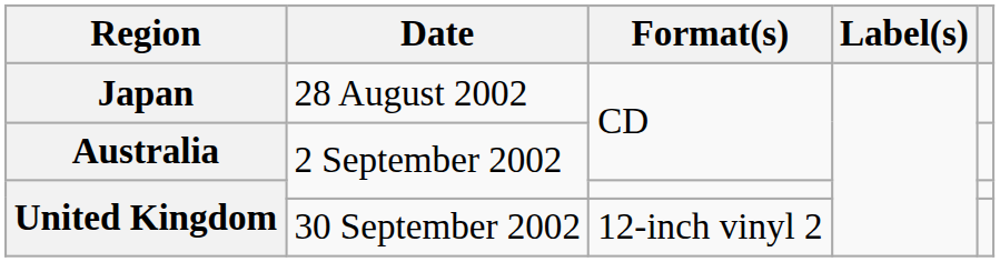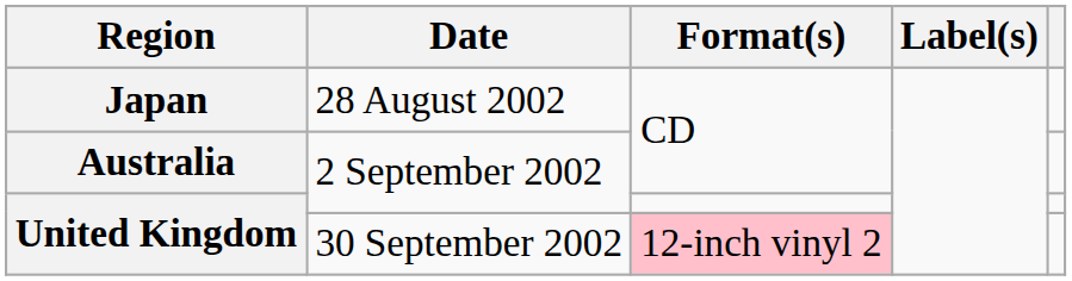 <table class="wikitable plainrowheaders">
 <tr>
 <th scope="col">Region</th>
 <th scope="col">Date</th>
 <th scope="col">Format(s)</th>
 <th scope="col">Label(s)</th>
 <th scope="col"></th>
 </tr>
 <tr>
 <th scope="row">Japan</th>
 <td>28 August 2002</td>
 <td rowspan="2">CD</td>
 <td rowspan="4"></td>
 <td></td>
 </tr>
 <tr>
 <th scope="row">Australia</th>
 <td rowspan="2">2 September 2002</td>
 <td></td>
 </tr>
 <tr>
 <th scope="row" rowspan="2">United Kingdom</th>
 <td></td>
 <td></td>
 </tr>
 <tr>
 <td>30 September 2002</td>
-<td>12-inch vinyl 2</td>
+<td style="background: pink;">12-inch vinyl 2</td>
 <td></td>
 </tr>
 </table>
